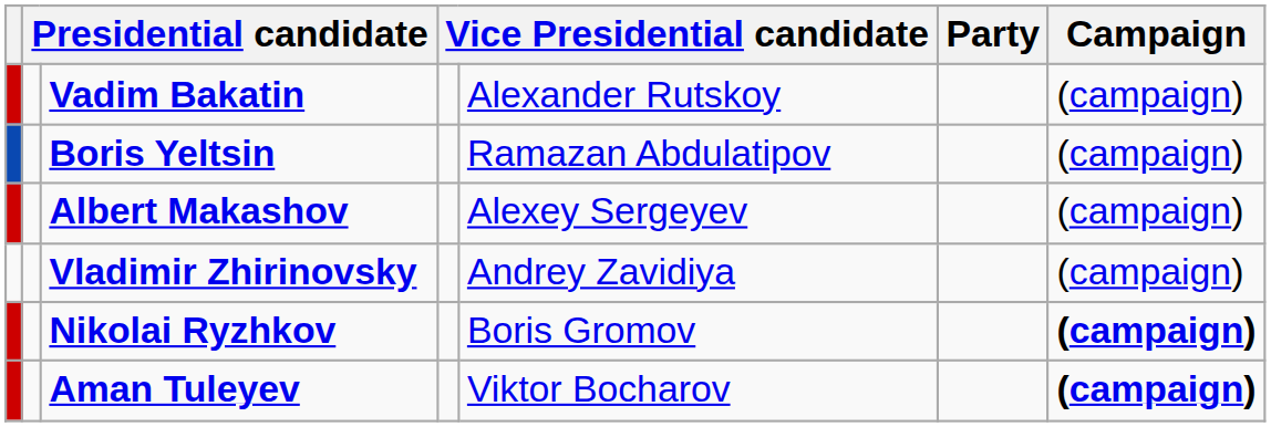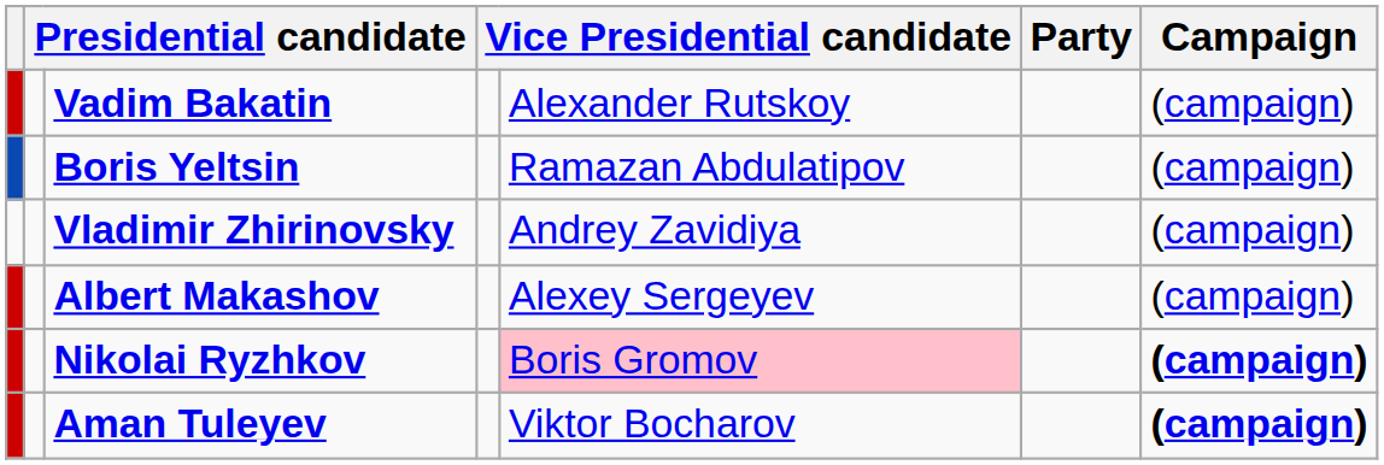 <table class="wikitable">
 <tr>
 <th></th>
 <th colspan=2><a href='#'>Presidential</a> candidate</th>
 <th colspan=2><a href='#'>Vice Presidential</a> candidate</th>
 <th>Party</th>
 <th>Campaign</th>
 </tr>
 <tr>
 <td style="background-color:#CD0000;"></td>
 <td></td>
 <td><strong><a href='#'>Vadim Bakatin</a></strong></td>
 <td></td>
 <td><a href='#'>Alexander Rutskoy</a></td>
 <td></td>
 <td>(<a href='#'>campaign</a>)</td>
 </tr>
 <tr>
 <td style="background-color:#0948B1;"></td>
 <td></td>
 <td><strong><a href='#'>Boris Yeltsin</a></strong></td>
 <td></td>
 <td><a href='#'>Ramazan Abdulatipov</a></td>
 <td></td>
 <td>(<a href='#'>campaign</a>)</td>
 </tr>
 <tr>
-<td style="background-color:#CD0000;"></td>
-<td></td>
-<td><strong><a href='#'>Albert Makashov</a></strong></td>
-<td></td>
-<td><a href='#'>Alexey Sergeyev</a></td>
-<td></td>
-<td>(<a href='#'>campaign</a>)</td>
-</tr>
-<tr>
 <td style="background-color:"></td>
 <td></td>
 <td><strong><a href='#'>Vladimir Zhirinovsky</a></strong></td>
 <td></td>
 <td><a href='#'>Andrey Zavidiya</a></td>
 <td></td>
 <td>(<a href='#'>campaign</a>)</td>
 </tr>
 <tr>
 <td style="background-color:#CD0000;"></td>
 <td></td>
+<td><strong><a href='#'>Albert Makashov</a></strong></td>
+<td></td>
+<td><a href='#'>Alexey Sergeyev</a></td>
+<td></td>
+<td>(<a href='#'>campaign</a>)</td>
+</tr>
+<tr>
+<td style="background-color:#CD0000;"></td>
+<td></td>
 <td><strong><a href='#'>Nikolai Ryzhkov</a></strong></td>
 <td></td>
-<td><a href='#'>Boris Gromov</a></td>
+<td style="background: pink;"><a href='#'>Boris Gromov</a></td>
 <td></td>
 <td><strong>(<a href='#'>campaign</a>)</strong></td>
 </tr>
 <tr>
 <td style="background-color:#CD0000;"></td>
 <td></td>
 <td><strong><a href='#'>Aman Tuleyev</a></strong></td>
 <td></td>
 <td><a href='#'>Viktor Bocharov</a></td>
 <td></td>
 <td><strong>(<a href='#'>campaign</a>)</strong></td>
 </tr>
 </table>
